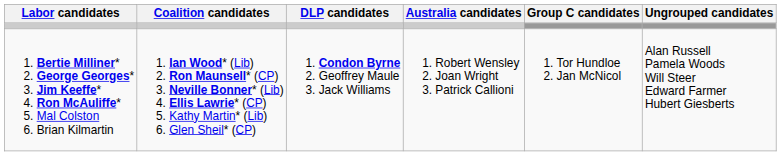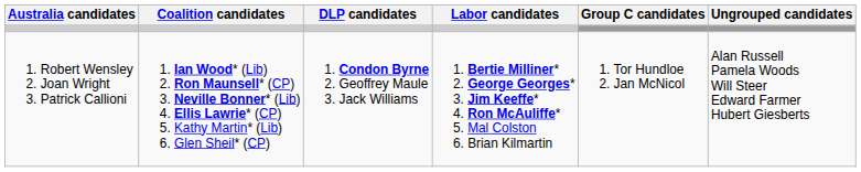 <table class="wikitable">
 <tr>
-<th><a href='#'>Labor</a> candidates</th>
+<th><a href='#'>Australia</a> candidates</th>
 <th><a href='#'>Coalition</a> candidates</th>
 <th><a href='#'>DLP</a> candidates</th>
-<th><a href='#'>Australia</a> candidates</th>
+<th><a href='#'>Labor</a> candidates</th>
 <th>Group C candidates</th>
 <th>Ungrouped candidates</th>
 </tr>
 <tr bgcolor="#cccccc">
 <td></td>
 <td></td>
 <td></td>
 <td></td>
 <td bgcolor="#999999"></td>
 <td bgcolor="#999999"></td>
 </tr>
 <tr>
-<td><br><ol><li><strong><a href='#'>Bertie Milliner</a></strong>*</li><li><strong><a href='#'>George Georges</a></strong>*</li><li><strong><a href='#'>Jim Keeffe</a></strong>*</li><li><strong><a href='#'>Ron McAuliffe</a></strong>*</li><li><a href='#'>Mal Colston</a></li><li>Brian Kilmartin</li></ol></td>
+<td valign=top><br><ol><li>Robert Wensley</li><li>Joan Wright</li><li>Patrick Callioni</li></ol></td>
 <td><br><ol><li><strong><a href='#'>Ian Wood</a></strong>* (<a href='#'>Lib</a>)</li><li><strong><a href='#'>Ron Maunsell</a></strong>* (<a href='#'>CP</a>)</li><li><strong><a href='#'>Neville Bonner</a></strong>* (<a href='#'>Lib</a>)</li><li><strong><a href='#'>Ellis Lawrie</a></strong>* (<a href='#'>CP</a>)</li><li><a href='#'>Kathy Martin</a>* (<a href='#'>Lib</a>)</li><li><a href='#'>Glen Sheil</a>* (<a href='#'>CP</a>)</li></ol></td>
 <td valign=top><br><ol><li><strong><a href='#'>Condon Byrne</a></strong></li><li>Geoffrey Maule</li><li>Jack Williams</li></ol></td>
-<td valign=top><br><ol><li>Robert Wensley</li><li>Joan Wright</li><li>Patrick Callioni</li></ol></td>
+<td><br><ol><li><strong><a href='#'>Bertie Milliner</a></strong>*</li><li><strong><a href='#'>George Georges</a></strong>*</li><li><strong><a href='#'>Jim Keeffe</a></strong>*</li><li><strong><a href='#'>Ron McAuliffe</a></strong>*</li><li><a href='#'>Mal Colston</a></li><li>Brian Kilmartin</li></ol></td>
 <td valign=top><br><ol><li>Tor Hundloe</li><li>Jan McNicol</li></ol></td>
 <td valign=top><br>Alan Russell<br> Pamela Woods<br> Will Steer<br> Edward Farmer<br> Hubert Giesberts</td>
 </tr>
 </table>
